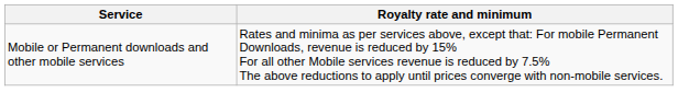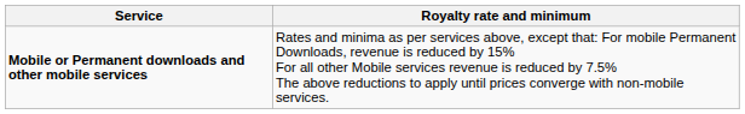 <table class="wikitable">
 <tr>
 <th>Service</th>
 <th>Royalty rate and minimum</th>
 </tr>
 <tr>
-<td>Mobile or Permanent downloads and other mobile services</td>
+<td><strong>Mobile or Permanent downloads and other mobile services</strong></td>
 <td>Rates and minima as per services above, except that: For mobile Permanent Downloads, revenue is reduced by 15%<br>For all other Mobile services revenue is reduced by 7.5%<br>The above reductions to apply until prices converge with non-mobile services.</td>
 </tr>
 </table>
